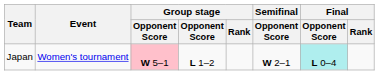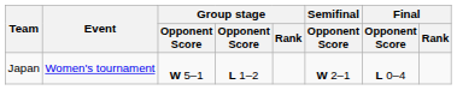 <table class="wikitable" style="font-size:90%">
 <tr>
 <th rowspan=2>Team</th>
 <th rowspan=2>Event</th>
 <th colspan=3>Group stage</th>
 <th>Semifinal</th>
 <th colspan=2>Final</th>
 </tr>
 <tr style="font-size:95%">
 <th>Opponent<br>Score</th>
 <th>Opponent<br>Score</th>
 <th>Rank</th>
 <th>Opponent<br>Score</th>
 <th>Opponent<br>Score</th>
 <th>Rank</th>
 </tr>
 <tr align=center>
 <td align=left>Japan</td>
 <td align=left><a href='#'>Women's tournament</a></td>
-<td style="background: pink;"><br><strong>W</strong> 5–1</td>
+<td><br><strong>W</strong> 5–1</td>
 <td><br><strong>L</strong> 1–2 </td>
 <td></td>
 <td><br><strong>W</strong> 2–1</td>
-<td style="background: paleturquoise;"><br><strong>L</strong> 0–4</td>
+<td><br><strong>L</strong> 0–4</td>
 <td></td>
 </tr>
 </table>
